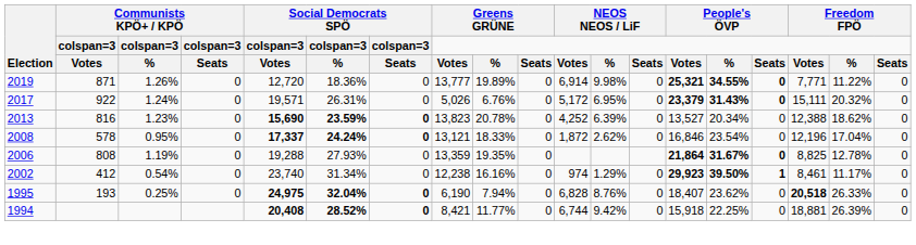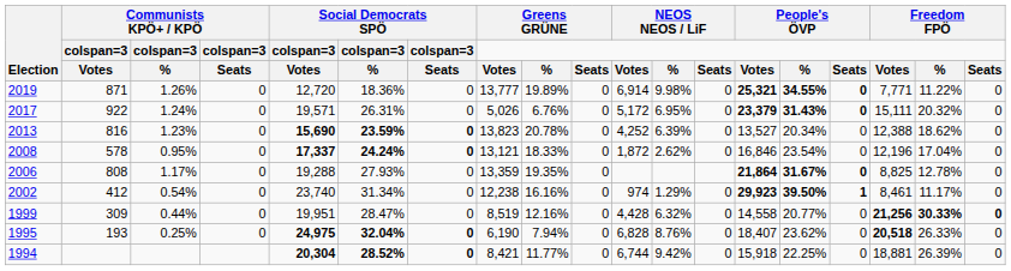 <table class="wikitable" border="1" style="font-size:100%; text-align:right;">
 <tr>
 <th style="text-align:left;" valign=bottom rowspan=3>Election</th>
 <th valign=bottom colspan=3><a href='#'>Communists</a><br>KPÖ+ / KPÖ</th>
 <th valign=bottom colspan=3><a href='#'>Social Democrats</a><br>SPÖ</th>
 <th valign=bottom colspan=3><a href='#'>Greens</a><br>GRÜNE</th>
 <th valign=bottom colspan=3><a href='#'>NEOS</a><br>NEOS / LiF</th>
 <th valign=bottom colspan=3><a href='#'>People's</a><br>ÖVP</th>
 <th valign=bottom colspan=3><a href='#'>Freedom</a><br>FPÖ</th>
 </tr>
 <tr>
 <th>colspan=3 </th>
 <th>colspan=3 </th>
 <th>colspan=3 </th>
 <th>colspan=3 </th>
 <th>colspan=3 </th>
 <th>colspan=3 </th>
 </tr>
 <tr>
 <th>Votes</th>
 <th>%</th>
 <th>Seats</th>
 <th>Votes</th>
 <th>%</th>
 <th>Seats</th>
 <th>Votes</th>
 <th>%</th>
 <th>Seats</th>
 <th>Votes</th>
 <th>%</th>
 <th>Seats</th>
 <th>Votes</th>
 <th>%</th>
 <th>Seats</th>
 <th>Votes</th>
 <th>%</th>
 <th>Seats</th>
 </tr>
 <tr>
 <td align=left><a href='#'>2019</a></td>
 <td>871</td>
 <td>1.26%</td>
 <td>0</td>
 <td>12,720</td>
 <td>18.36%</td>
 <td>0</td>
 <td>13,777</td>
 <td>19.89%</td>
 <td>0</td>
 <td>6,914</td>
 <td>9.98%</td>
 <td>0</td>
 <td><strong>25,321</strong></td>
 <td><strong>34.55%</strong></td>
 <td><strong>0</strong></td>
 <td>7,771</td>
 <td>11.22%</td>
 <td>0</td>
 </tr>
 <tr>
 <td align=left><a href='#'>2017</a></td>
 <td>922</td>
 <td>1.24%</td>
 <td>0</td>
 <td>19,571</td>
 <td>26.31%</td>
 <td>0</td>
 <td>5,026</td>
 <td>6.76%</td>
 <td>0</td>
 <td>5,172</td>
 <td>6.95%</td>
 <td>0</td>
 <td><strong>23,379</strong></td>
 <td><strong>31.43%</strong></td>
 <td><strong>0</strong></td>
 <td>15,111</td>
 <td>20.32%</td>
 <td>0</td>
 </tr>
 <tr>
 <td align=left><a href='#'>2013</a></td>
 <td>816</td>
 <td>1.23%</td>
 <td>0</td>
 <td><strong>15,690</strong></td>
 <td><strong>23.59%</strong></td>
 <td><strong>0</strong></td>
 <td>13,823</td>
 <td>20.78%</td>
 <td>0</td>
 <td>4,252</td>
 <td>6.39%</td>
 <td>0</td>
 <td>13,527</td>
 <td>20.34%</td>
 <td>0</td>
 <td>12,388</td>
 <td>18.62%</td>
 <td>0</td>
 </tr>
 <tr>
 <td align=left><a href='#'>2008</a></td>
 <td>578</td>
 <td>0.95%</td>
 <td>0</td>
 <td><strong>17,337</strong></td>
 <td><strong>24.24%</strong></td>
 <td><strong>0</strong></td>
 <td>13,121</td>
 <td>18.33%</td>
 <td>0</td>
 <td>1,872</td>
 <td>2.62%</td>
 <td>0</td>
 <td>16,846</td>
 <td>23.54%</td>
 <td>0</td>
 <td>12,196</td>
 <td>17.04%</td>
 <td>0</td>
 </tr>
 <tr>
 <td align=left><a href='#'>2006</a></td>
 <td>808</td>
-<td>1.19%</td>
+<td>1.17%</td>
 <td>0</td>
 <td>19,288</td>
 <td>27.93%</td>
 <td>0</td>
 <td>13,359</td>
 <td>19.35%</td>
 <td>0</td>
 <td></td>
 <td></td>
 <td></td>
 <td><strong>21,864</strong></td>
 <td><strong>31.67%</strong></td>
 <td><strong>0</strong></td>
 <td>8,825</td>
 <td>12.78%</td>
 <td>0</td>
 </tr>
 <tr>
 <td align=left><a href='#'>2002</a></td>
 <td>412</td>
 <td>0.54%</td>
 <td>0</td>
 <td>23,740</td>
 <td>31.34%</td>
 <td>0</td>
 <td>12,238</td>
 <td>16.16%</td>
 <td>0</td>
 <td>974</td>
 <td>1.29%</td>
 <td>0</td>
 <td><strong>29,923</strong></td>
 <td><strong>39.50%</strong></td>
 <td><strong>1</strong></td>
 <td>8,461</td>
 <td>11.17%</td>
 <td>0</td>
 </tr>
 <tr>
+<td align=left><a href='#'>1999</a></td>
+<td>309</td>
+<td>0.44%</td>
+<td>0</td>
+<td>19,951</td>
+<td>28.47%</td>
+<td>0</td>
+<td>8,519</td>
+<td>12.16%</td>
+<td>0</td>
+<td>4,428</td>
+<td>6.32%</td>
+<td>0</td>
+<td>14,558</td>
+<td>20.77%</td>
+<td>0</td>
+<td><strong>21,256</strong></td>
+<td><strong>30.33%</strong></td>
+<td><strong>0</strong></td>
+</tr>
+<tr>
 <td align=left><a href='#'>1995</a></td>
 <td>193</td>
 <td>0.25%</td>
 <td>0</td>
 <td><strong>24,975</strong></td>
 <td><strong>32.04%</strong></td>
 <td><strong>0</strong></td>
 <td>6,190</td>
 <td>7.94%</td>
 <td>0</td>
 <td>6,828</td>
 <td>8.76%</td>
 <td>0</td>
 <td>18,407</td>
 <td>23.62%</td>
 <td>0</td>
 <td><strong>20,518</strong></td>
 <td>26.33%</td>
 <td>0</td>
 </tr>
 <tr>
 <td align=left><a href='#'>1994</a></td>
 <td></td>
 <td></td>
 <td></td>
-<td><strong>20,408</strong></td>
+<td><strong>20,304</strong></td>
 <td><strong>28.52%</strong></td>
 <td><strong>0</strong></td>
 <td>8,421</td>
 <td>11.77%</td>
 <td>0</td>
 <td>6,744</td>
 <td>9.42%</td>
 <td>0</td>
 <td>15,918</td>
 <td>22.25%</td>
 <td>0</td>
 <td>18,881</td>
 <td>26.39%</td>
 <td>0</td>
 </tr>
 </table>
